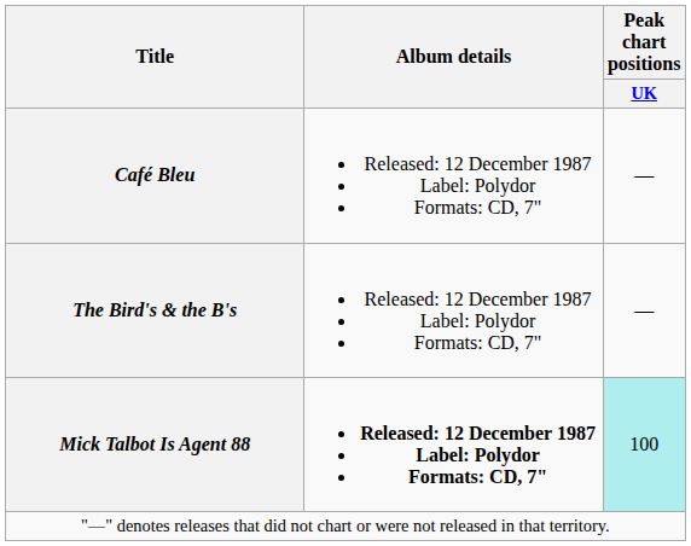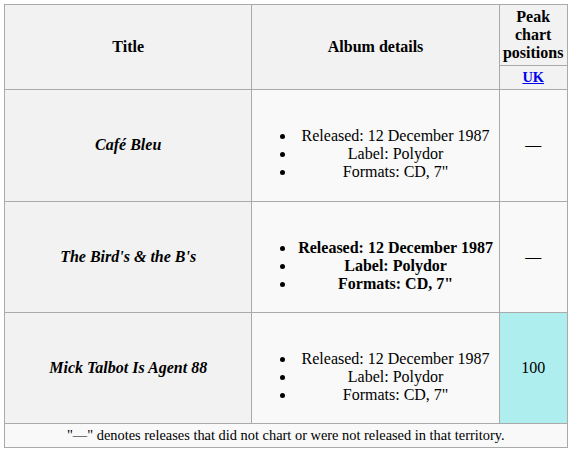 <table class="wikitable plainrowheaders" style="text-align:center;">
 <tr>
 <th rowspan="2" scope="col" style="width:15em;">Title</th>
 <th rowspan="2" scope="col" style="width:15em;">Album details</th>
 <th colspan="6">Peak chart positions</th>
 </tr>
 <tr>
 <th scope="col" style="width:3em;font-size:90%;"><a href='#'>UK</a><br></th>
 </tr>
 <tr>
 <th scope="row"><em>Café Bleu</em></th>
 <td><br><ul><li>Released: 12 December 1987</li><li>Label: Polydor</li><li>Formats: CD, 7"</li></ul></td>
 <td>—</td>
 </tr>
 <tr>
 <th scope="row"><em>The Bird's & the B's</em></th>
-<td><br><ul><li>Released: 12 December 1987</li><li>Label: Polydor</li><li>Formats: CD, 7"</li></ul></td>
+<td><strong><br><ul><li>Released: 12 December 1987</li><li>Label: Polydor</li><li>Formats: CD, 7"</li></ul></strong></td>
 <td>—</td>
 </tr>
 <tr>
 <th scope="row"><em>Mick Talbot Is Agent 88</em></th>
-<td><strong><br><ul><li>Released: 12 December 1987</li><li>Label: Polydor</li><li>Formats: CD, 7"</li></ul></strong></td>
+<td><br><ul><li>Released: 12 December 1987</li><li>Label: Polydor</li><li>Formats: CD, 7"</li></ul></td>
 <td style="background: paleturquoise;">100</td>
 </tr>
 <tr>
 <td colspan="8" style="font-size:90%">"—" denotes releases that did not chart or were not released in that territory.</td>
 </tr>
 </table>
